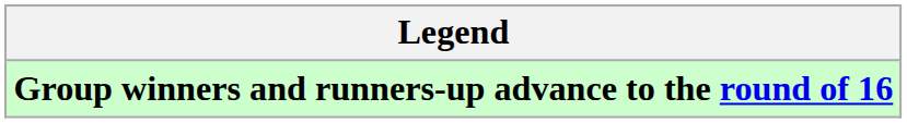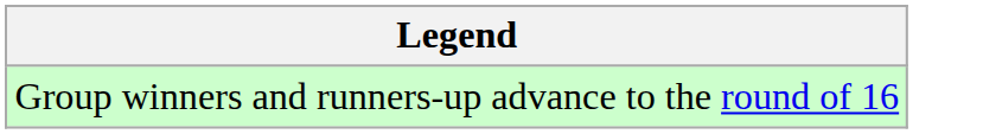 <table class="wikitable" style="text-align:center;">
 <tr>
 <th>Legend</th>
 </tr>
 <tr bgcolor=#ccffcc>
-<td><strong>Group winners and runners-up advance to the <a href='#'>round of 16</a></strong></td>
+<td>Group winners and runners-up advance to the <a href='#'>round of 16</a></td>
 </tr>
 </table>
